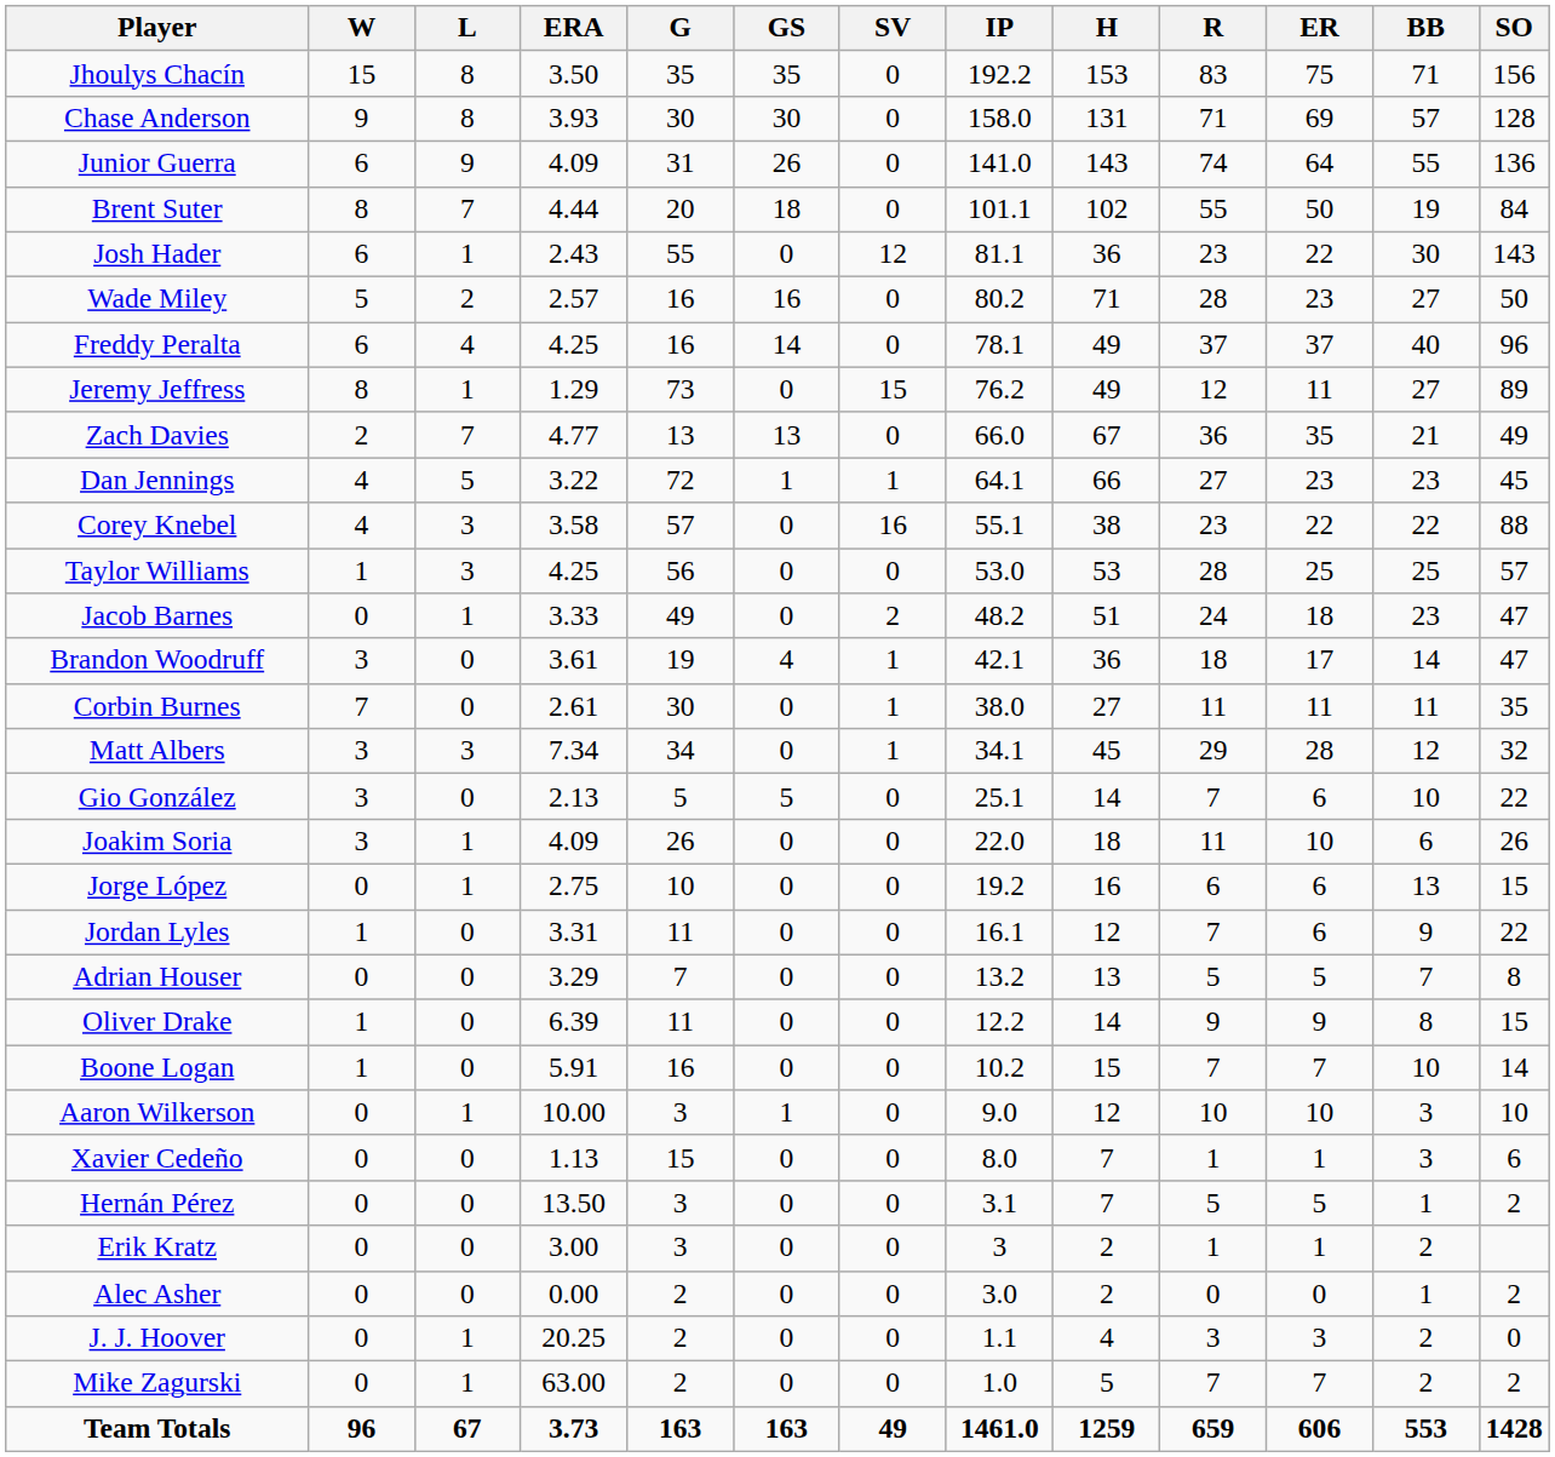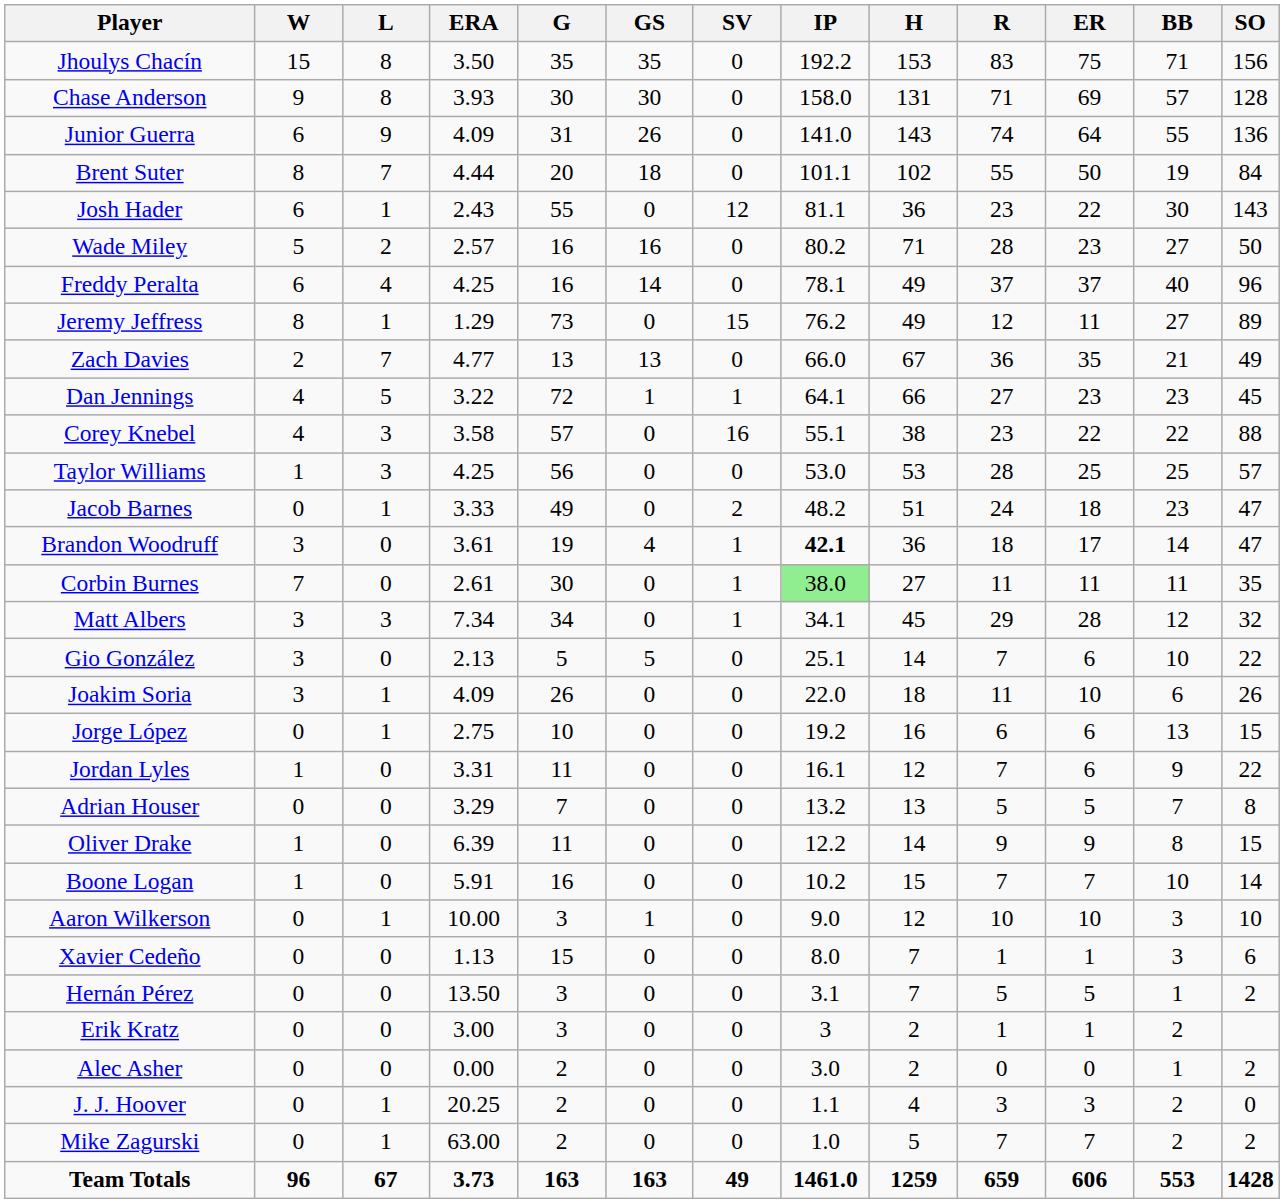 <table class=wikitable style="text-align:center">
 <tr>
 <th bgcolor=#DDDDFF; width="20%">Player</th>
 <th bgcolor=#DDDDFF; width="7%">W</th>
 <th bgcolor=#DDDDFF; width="7%">L</th>
 <th bgcolor=#DDDDFF; width="7%">ERA</th>
 <th bgcolor=#DDDDFF; width="7%">G</th>
 <th bgcolor=#DDDDFF; width="7%">GS</th>
 <th bgcolor=#DDDDFF; width="7%">SV</th>
 <th bgcolor=#DDDDFF; width="7%">IP</th>
 <th bgcolor=#DDDDFF; width="7%">H</th>
 <th bgcolor=#DDDDFF; width="7%">R</th>
 <th bgcolor=#DDDDFF; width="7%">ER</th>
 <th bgcolor=#DDDDFF; width="7%">BB</th>
 <th bgcolor=#DDDDFF; width="7%">SO</th>
 </tr>
 <tr>
 <td><a href='#'>Jhoulys Chacín</a></td>
 <td>15</td>
 <td>8</td>
 <td>3.50</td>
 <td>35</td>
 <td>35</td>
 <td>0</td>
 <td>192.2</td>
 <td>153</td>
 <td>83</td>
 <td>75</td>
 <td>71</td>
 <td>156</td>
 </tr>
 <tr>
 <td><a href='#'>Chase Anderson</a></td>
 <td>9</td>
 <td>8</td>
 <td>3.93</td>
 <td>30</td>
 <td>30</td>
 <td>0</td>
 <td>158.0</td>
 <td>131</td>
 <td>71</td>
 <td>69</td>
 <td>57</td>
 <td>128</td>
 </tr>
 <tr>
 <td><a href='#'>Junior Guerra</a></td>
 <td>6</td>
 <td>9</td>
 <td>4.09</td>
 <td>31</td>
 <td>26</td>
 <td>0</td>
 <td>141.0</td>
 <td>143</td>
 <td>74</td>
 <td>64</td>
 <td>55</td>
 <td>136</td>
 </tr>
 <tr>
 <td><a href='#'>Brent Suter</a></td>
 <td>8</td>
 <td>7</td>
 <td>4.44</td>
 <td>20</td>
 <td>18</td>
 <td>0</td>
 <td>101.1</td>
 <td>102</td>
 <td>55</td>
 <td>50</td>
 <td>19</td>
 <td>84</td>
 </tr>
 <tr>
 <td><a href='#'>Josh Hader</a></td>
 <td>6</td>
 <td>1</td>
 <td>2.43</td>
 <td>55</td>
 <td>0</td>
 <td>12</td>
 <td>81.1</td>
 <td>36</td>
 <td>23</td>
 <td>22</td>
 <td>30</td>
 <td>143</td>
 </tr>
 <tr>
 <td><a href='#'>Wade Miley</a></td>
 <td>5</td>
 <td>2</td>
 <td>2.57</td>
 <td>16</td>
 <td>16</td>
 <td>0</td>
 <td>80.2</td>
 <td>71</td>
 <td>28</td>
 <td>23</td>
 <td>27</td>
 <td>50</td>
 </tr>
 <tr>
 <td><a href='#'>Freddy Peralta</a></td>
 <td>6</td>
 <td>4</td>
 <td>4.25</td>
 <td>16</td>
 <td>14</td>
 <td>0</td>
 <td>78.1</td>
 <td>49</td>
 <td>37</td>
 <td>37</td>
 <td>40</td>
 <td>96</td>
 </tr>
 <tr>
 <td><a href='#'>Jeremy Jeffress</a></td>
 <td>8</td>
 <td>1</td>
 <td>1.29</td>
 <td>73</td>
 <td>0</td>
 <td>15</td>
 <td>76.2</td>
 <td>49</td>
 <td>12</td>
 <td>11</td>
 <td>27</td>
 <td>89</td>
 </tr>
 <tr>
 <td><a href='#'>Zach Davies</a></td>
 <td>2</td>
 <td>7</td>
 <td>4.77</td>
 <td>13</td>
 <td>13</td>
 <td>0</td>
 <td>66.0</td>
 <td>67</td>
 <td>36</td>
 <td>35</td>
 <td>21</td>
 <td>49</td>
 </tr>
 <tr>
 <td><a href='#'>Dan Jennings</a></td>
 <td>4</td>
 <td>5</td>
 <td>3.22</td>
 <td>72</td>
 <td>1</td>
 <td>1</td>
 <td>64.1</td>
 <td>66</td>
 <td>27</td>
 <td>23</td>
 <td>23</td>
 <td>45</td>
 </tr>
 <tr>
 <td><a href='#'>Corey Knebel</a></td>
 <td>4</td>
 <td>3</td>
 <td>3.58</td>
 <td>57</td>
 <td>0</td>
 <td>16</td>
 <td>55.1</td>
 <td>38</td>
 <td>23</td>
 <td>22</td>
 <td>22</td>
 <td>88</td>
 </tr>
 <tr>
 <td><a href='#'>Taylor Williams</a></td>
 <td>1</td>
 <td>3</td>
 <td>4.25</td>
 <td>56</td>
 <td>0</td>
 <td>0</td>
 <td>53.0</td>
 <td>53</td>
 <td>28</td>
 <td>25</td>
 <td>25</td>
 <td>57</td>
 </tr>
 <tr>
 <td><a href='#'>Jacob Barnes</a></td>
 <td>0</td>
 <td>1</td>
 <td>3.33</td>
 <td>49</td>
 <td>0</td>
 <td>2</td>
 <td>48.2</td>
 <td>51</td>
 <td>24</td>
 <td>18</td>
 <td>23</td>
 <td>47</td>
 </tr>
 <tr>
 <td><a href='#'>Brandon Woodruff</a></td>
 <td>3</td>
 <td>0</td>
 <td>3.61</td>
 <td>19</td>
 <td>4</td>
 <td>1</td>
-<td>42.1</td>
+<td><strong>42.1</strong></td>
 <td>36</td>
 <td>18</td>
 <td>17</td>
 <td>14</td>
 <td>47</td>
 </tr>
 <tr>
 <td><a href='#'>Corbin Burnes</a></td>
 <td>7</td>
 <td>0</td>
 <td>2.61</td>
 <td>30</td>
 <td>0</td>
 <td>1</td>
-<td>38.0</td>
+<td style="background: lightgreen;">38.0</td>
 <td>27</td>
 <td>11</td>
 <td>11</td>
 <td>11</td>
 <td>35</td>
 </tr>
 <tr>
 <td><a href='#'>Matt Albers</a></td>
 <td>3</td>
 <td>3</td>
 <td>7.34</td>
 <td>34</td>
 <td>0</td>
 <td>1</td>
 <td>34.1</td>
 <td>45</td>
 <td>29</td>
 <td>28</td>
 <td>12</td>
 <td>32</td>
 </tr>
 <tr>
 <td><a href='#'>Gio González</a></td>
 <td>3</td>
 <td>0</td>
 <td>2.13</td>
 <td>5</td>
 <td>5</td>
 <td>0</td>
 <td>25.1</td>
 <td>14</td>
 <td>7</td>
 <td>6</td>
 <td>10</td>
 <td>22</td>
 </tr>
 <tr>
 <td><a href='#'>Joakim Soria</a></td>
 <td>3</td>
 <td>1</td>
 <td>4.09</td>
 <td>26</td>
 <td>0</td>
 <td>0</td>
 <td>22.0</td>
 <td>18</td>
 <td>11</td>
 <td>10</td>
 <td>6</td>
 <td>26</td>
 </tr>
 <tr>
 <td><a href='#'>Jorge López</a></td>
 <td>0</td>
 <td>1</td>
 <td>2.75</td>
 <td>10</td>
 <td>0</td>
 <td>0</td>
 <td>19.2</td>
 <td>16</td>
 <td>6</td>
 <td>6</td>
 <td>13</td>
 <td>15</td>
 </tr>
 <tr>
 <td><a href='#'>Jordan Lyles</a></td>
 <td>1</td>
 <td>0</td>
 <td>3.31</td>
 <td>11</td>
 <td>0</td>
 <td>0</td>
 <td>16.1</td>
 <td>12</td>
 <td>7</td>
 <td>6</td>
 <td>9</td>
 <td>22</td>
 </tr>
 <tr>
 <td><a href='#'>Adrian Houser</a></td>
 <td>0</td>
 <td>0</td>
 <td>3.29</td>
 <td>7</td>
 <td>0</td>
 <td>0</td>
 <td>13.2</td>
 <td>13</td>
 <td>5</td>
 <td>5</td>
 <td>7</td>
 <td>8</td>
 </tr>
 <tr>
 <td><a href='#'>Oliver Drake</a></td>
 <td>1</td>
 <td>0</td>
 <td>6.39</td>
 <td>11</td>
 <td>0</td>
 <td>0</td>
 <td>12.2</td>
 <td>14</td>
 <td>9</td>
 <td>9</td>
 <td>8</td>
 <td>15</td>
 </tr>
 <tr>
 <td><a href='#'>Boone Logan</a></td>
 <td>1</td>
 <td>0</td>
 <td>5.91</td>
 <td>16</td>
 <td>0</td>
 <td>0</td>
 <td>10.2</td>
 <td>15</td>
 <td>7</td>
 <td>7</td>
 <td>10</td>
 <td>14</td>
 </tr>
 <tr>
 <td><a href='#'>Aaron Wilkerson</a></td>
 <td>0</td>
 <td>1</td>
 <td>10.00</td>
 <td>3</td>
 <td>1</td>
 <td>0</td>
 <td>9.0</td>
 <td>12</td>
 <td>10</td>
 <td>10</td>
 <td>3</td>
 <td>10</td>
 </tr>
 <tr>
 <td><a href='#'>Xavier Cedeño</a></td>
 <td>0</td>
 <td>0</td>
 <td>1.13</td>
 <td>15</td>
 <td>0</td>
 <td>0</td>
 <td>8.0</td>
 <td>7</td>
 <td>1</td>
 <td>1</td>
 <td>3</td>
 <td>6</td>
 </tr>
 <tr>
 <td><a href='#'>Hernán Pérez</a></td>
 <td>0</td>
 <td>0</td>
 <td>13.50</td>
 <td>3</td>
 <td>0</td>
 <td>0</td>
 <td>3.1</td>
 <td>7</td>
 <td>5</td>
 <td>5</td>
 <td>1</td>
 <td>2</td>
 </tr>
 <tr>
 <td><a href='#'>Erik Kratz</a></td>
 <td>0</td>
 <td>0</td>
 <td>3.00</td>
 <td>3</td>
 <td>0</td>
 <td>0</td>
 <td>3</td>
 <td>2</td>
 <td>1</td>
 <td>1</td>
 <td>2</td>
 </tr>
 <tr>
 <td><a href='#'>Alec Asher</a></td>
 <td>0</td>
 <td>0</td>
 <td>0.00</td>
 <td>2</td>
 <td>0</td>
 <td>0</td>
 <td>3.0</td>
 <td>2</td>
 <td>0</td>
 <td>0</td>
 <td>1</td>
 <td>2</td>
 </tr>
 <tr>
 <td><a href='#'>J. J. Hoover</a></td>
 <td>0</td>
 <td>1</td>
 <td>20.25</td>
 <td>2</td>
 <td>0</td>
 <td>0</td>
 <td>1.1</td>
 <td>4</td>
 <td>3</td>
 <td>3</td>
 <td>2</td>
 <td>0</td>
 </tr>
 <tr>
 <td><a href='#'>Mike Zagurski</a></td>
 <td>0</td>
 <td>1</td>
 <td>63.00</td>
 <td>2</td>
 <td>0</td>
 <td>0</td>
 <td>1.0</td>
 <td>5</td>
 <td>7</td>
 <td>7</td>
 <td>2</td>
 <td>2</td>
 </tr>
 <tr>
 <td><strong>Team Totals</strong></td>
 <td><strong>96</strong></td>
 <td><strong>67</strong></td>
 <td><strong>3.73</strong></td>
 <td><strong>163</strong></td>
 <td><strong>163</strong></td>
 <td><strong>49</strong></td>
 <td><strong>1461.0</strong></td>
 <td><strong>1259</strong></td>
 <td><strong>659</strong></td>
 <td><strong>606</strong></td>
 <td><strong>553</strong></td>
 <td><strong>1428</strong></td>
 </tr>
 </table>
